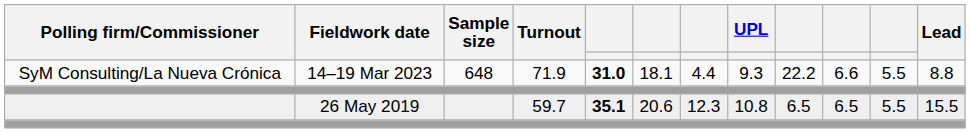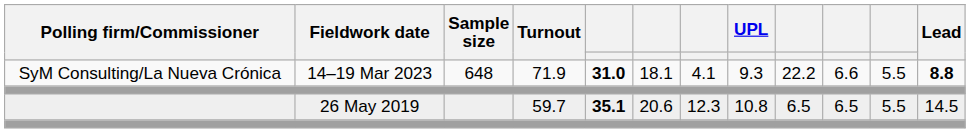 <table class="wikitable collapsible collapsed" style="text-align:center; font-size:95%; line-height:16px;">
 <tr style="height:42px;">
 <th style="width:250px;" rowspan="2">Polling firm/Commissioner</th>
 <th style="width:125px;" rowspan="2">Fieldwork date</th>
 <th style="width:50px;" rowspan="2">Sample size</th>
 <th style="width:45px;" rowspan="2">Turnout</th>
 <th style="width:35px;"></th>
 <th style="width:35px;"></th>
 <th style="width:35px;"></th>
 <th style="width:35px;"><a href='#'>UPL</a></th>
 <th style="width:35px;"></th>
 <th style="width:35px;"></th>
 <th style="width:35px;"></th>
 <th style="width:30px;" rowspan="2">Lead</th>
 </tr>
 <tr>
 <th style="color:inherit;background:"></th>
 <th style="color:inherit;background:"></th>
 <th style="color:inherit;background:"></th>
 <th style="color:inherit;background:"></th>
 <th style="color:inherit;background:"></th>
 <th style="color:inherit;background:"></th>
 <th style="color:inherit;background:"></th>
 </tr>
 <tr>
 <td>SyM Consulting/La Nueva Crónica</td>
 <td>14–19 Mar 2023</td>
 <td>648</td>
 <td>71.9</td>
 <td><strong>31.0</strong><br></td>
 <td>18.1<br></td>
-<td>4.4<br></td>
+<td>4.1<br></td>
 <td>9.3<br></td>
 <td>22.2<br></td>
 <td>6.6<br></td>
 <td>5.5<br></td>
-<td style="background:">8.8</td>
+<td style="background:"><strong>8.8</strong></td>
 </tr>
 <tr>
 <td colspan="12" style="background:#A0A0A0"></td>
 </tr>
 <tr style="background:#EFEFEF;">
 <td><strong></strong></td>
 <td>26 May 2019</td>
 <td></td>
 <td>59.7</td>
 <td><strong>35.1</strong><br></td>
 <td>20.6<br></td>
 <td>12.3<br></td>
 <td>10.8<br></td>
 <td>6.5<br></td>
 <td>6.5<br></td>
 <td>5.5<br></td>
-<td style="background:">15.5</td>
+<td style="background:">14.5</td>
 </tr>
 <tr>
 <td colspan="12" style="background:#A0A0A0"></td>
 </tr>
 </table>
